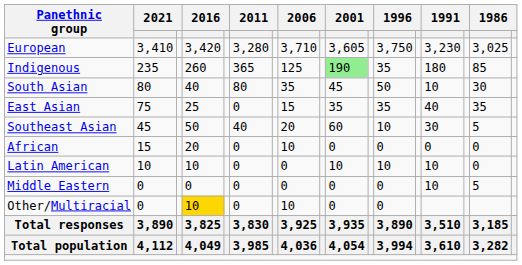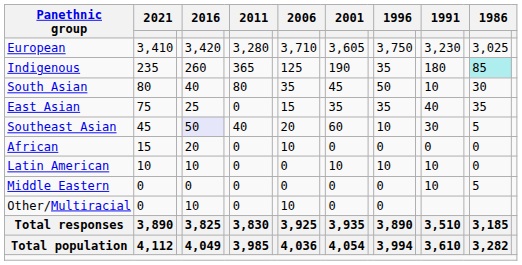 <table class="wikitable collapsible sortable">
 <tr>
 <th rowspan="2"><a href='#'>Panethnic</a><br>group</th>
 <th colspan="2">2021</th>
 <th colspan="2">2016</th>
 <th colspan="2">2011</th>
 <th colspan="2">2006</th>
 <th colspan="2">2001</th>
 <th colspan="2">1996</th>
 <th colspan="2">1991</th>
 <th colspan="2">1986</th>
 </tr>
 <tr>
 <th><a href='#'></a></th>
 <th></th>
 <th></th>
 <th></th>
 <th></th>
 <th></th>
 <th></th>
 <th></th>
 <th></th>
 <th></th>
 <th></th>
 <th></th>
 <th></th>
 <th></th>
 <th></th>
 <th></th>
 </tr>
 <tr>
 <td><a href='#'>European</a></td>
 <td>3,410</td>
 <td></td>
 <td>3,420</td>
 <td></td>
 <td>3,280</td>
 <td></td>
 <td>3,710</td>
 <td></td>
 <td>3,605</td>
 <td></td>
 <td>3,750</td>
 <td></td>
 <td>3,230</td>
 <td></td>
 <td>3,025</td>
 <td></td>
 </tr>
 <tr>
 <td><a href='#'>Indigenous</a></td>
 <td>235</td>
 <td></td>
 <td>260</td>
 <td></td>
 <td>365</td>
 <td></td>
 <td>125</td>
 <td></td>
-<td style="background: lightgreen;">190</td>
+<td>190</td>
 <td></td>
 <td>35</td>
 <td></td>
 <td>180</td>
 <td></td>
-<td>85</td>
+<td style="background: paleturquoise;">85</td>
 <td></td>
 </tr>
 <tr>
 <td><a href='#'>South Asian</a></td>
 <td>80</td>
 <td></td>
 <td>40</td>
 <td></td>
 <td>80</td>
 <td></td>
 <td>35</td>
 <td></td>
 <td>45</td>
 <td></td>
 <td>50</td>
 <td></td>
 <td>10</td>
 <td></td>
 <td>30</td>
 <td></td>
 </tr>
 <tr>
 <td><a href='#'>East Asian</a></td>
 <td>75</td>
 <td></td>
 <td>25</td>
 <td></td>
 <td>0</td>
 <td></td>
 <td>15</td>
 <td></td>
 <td>35</td>
 <td></td>
 <td>35</td>
 <td></td>
 <td>40</td>
 <td></td>
 <td>35</td>
 <td></td>
 </tr>
 <tr>
 <td><a href='#'>Southeast Asian</a></td>
 <td>45</td>
 <td></td>
-<td>50</td>
+<td style="background: lavender;">50</td>
 <td></td>
 <td>40</td>
 <td></td>
 <td>20</td>
 <td></td>
 <td>60</td>
 <td></td>
 <td>10</td>
 <td></td>
 <td>30</td>
 <td></td>
 <td>5</td>
 <td></td>
 </tr>
 <tr>
 <td><a href='#'>African</a></td>
 <td>15</td>
 <td></td>
 <td>20</td>
 <td></td>
 <td>0</td>
 <td></td>
 <td>10</td>
 <td></td>
 <td>0</td>
 <td></td>
 <td>0</td>
 <td></td>
 <td>0</td>
 <td></td>
 <td>0</td>
 <td></td>
 </tr>
 <tr>
 <td><a href='#'>Latin American</a></td>
 <td>10</td>
 <td></td>
 <td>10</td>
 <td></td>
 <td>0</td>
 <td></td>
 <td>0</td>
 <td></td>
 <td>10</td>
 <td></td>
 <td>10</td>
 <td></td>
 <td>10</td>
 <td></td>
 <td>0</td>
 <td></td>
 </tr>
 <tr>
 <td><a href='#'>Middle Eastern</a></td>
 <td>0</td>
 <td></td>
 <td>0</td>
 <td></td>
 <td>0</td>
 <td></td>
 <td>0</td>
 <td></td>
 <td>0</td>
 <td></td>
 <td>0</td>
 <td></td>
 <td>10</td>
 <td></td>
 <td>5</td>
 <td></td>
 </tr>
 <tr>
 <td>Other/<a href='#'>Multiracial</a></td>
 <td>0</td>
 <td></td>
-<td style="background: gold;">10</td>
+<td>10</td>
 <td></td>
 <td>0</td>
 <td></td>
 <td>10</td>
 <td></td>
 <td>0</td>
 <td></td>
 <td>0</td>
 <td></td>
 <td></td>
 <td></td>
 <td></td>
 <td></td>
 </tr>
 <tr>
 <th>Total responses</th>
 <th>3,890</th>
 <th></th>
 <th>3,825</th>
 <th></th>
 <th>3,830</th>
 <th></th>
 <th>3,925</th>
 <th></th>
 <th>3,935</th>
 <th></th>
 <th>3,890</th>
 <th></th>
 <th>3,510</th>
 <th></th>
 <th>3,185</th>
 <th></th>
 </tr>
 <tr>
 <th>Total population</th>
 <th>4,112</th>
 <th></th>
 <th>4,049</th>
 <th></th>
 <th>3,985</th>
 <th></th>
 <th>4,036</th>
 <th></th>
 <th>4,054</th>
 <th></th>
 <th>3,994</th>
 <th></th>
 <th>3,610</th>
 <th></th>
 <th>3,282</th>
 <th></th>
 </tr>
 <tr class="sortbottom">
 <td colspan="20"></td>
 </tr>
 </table>
